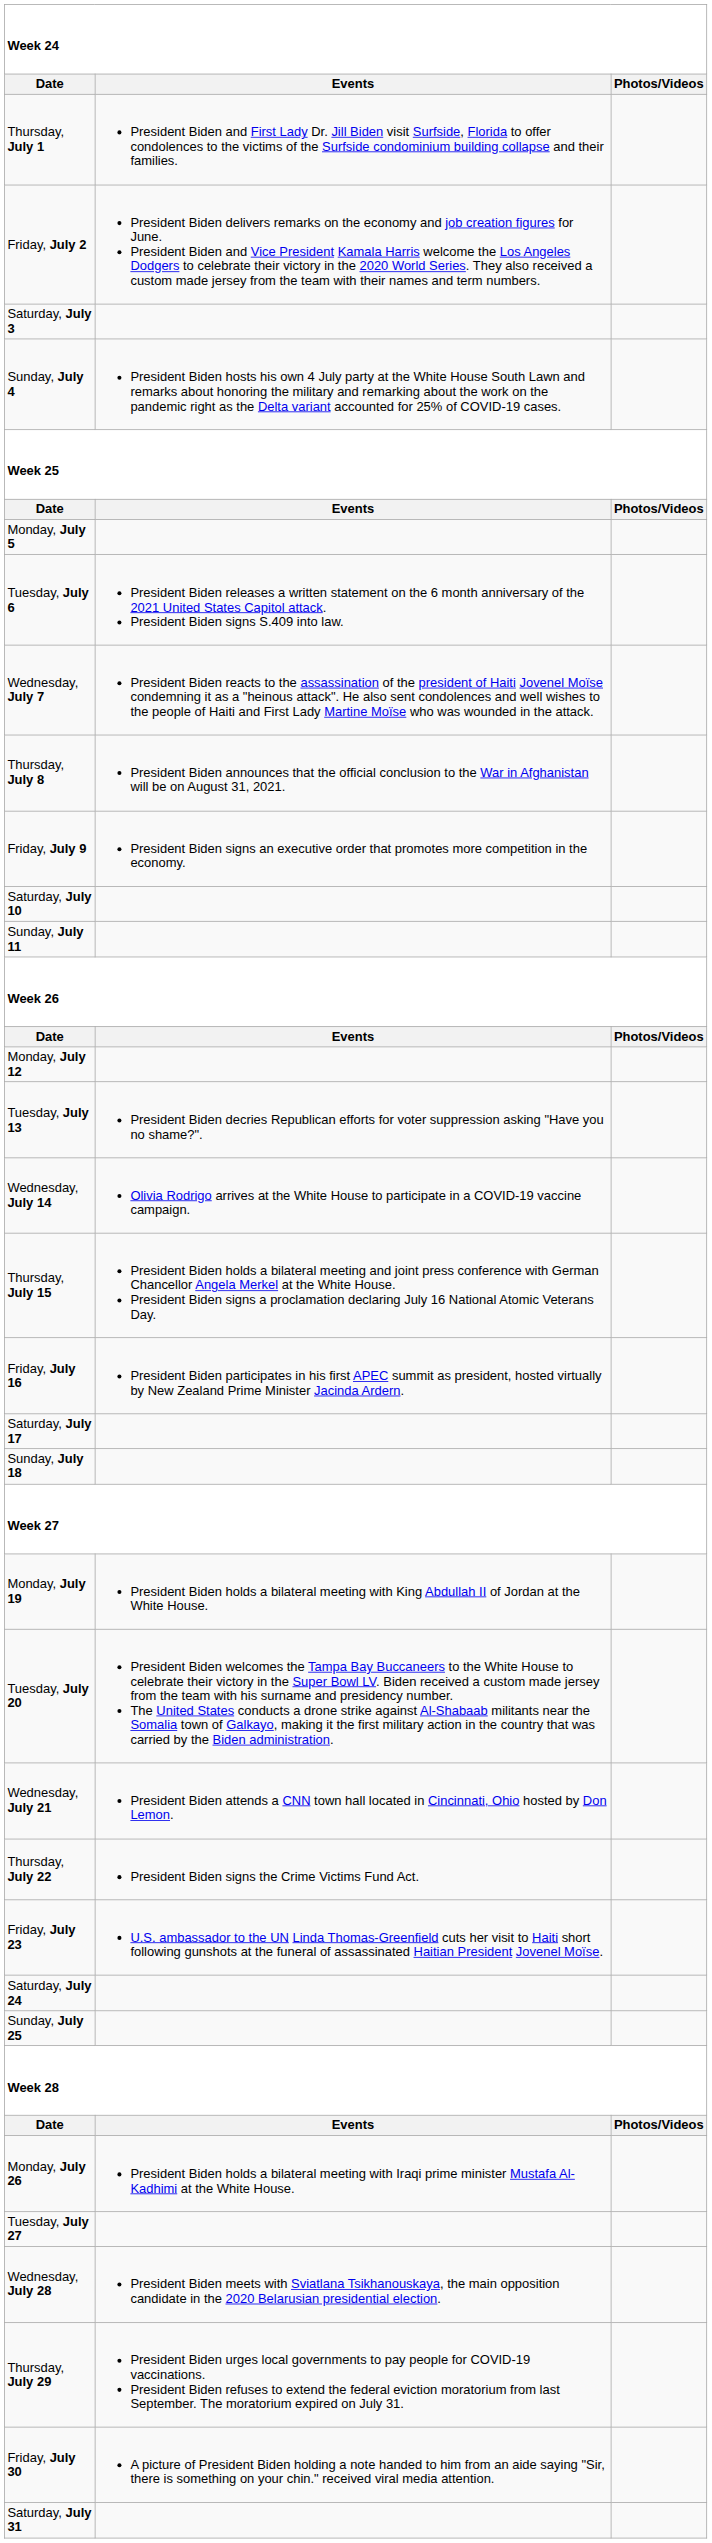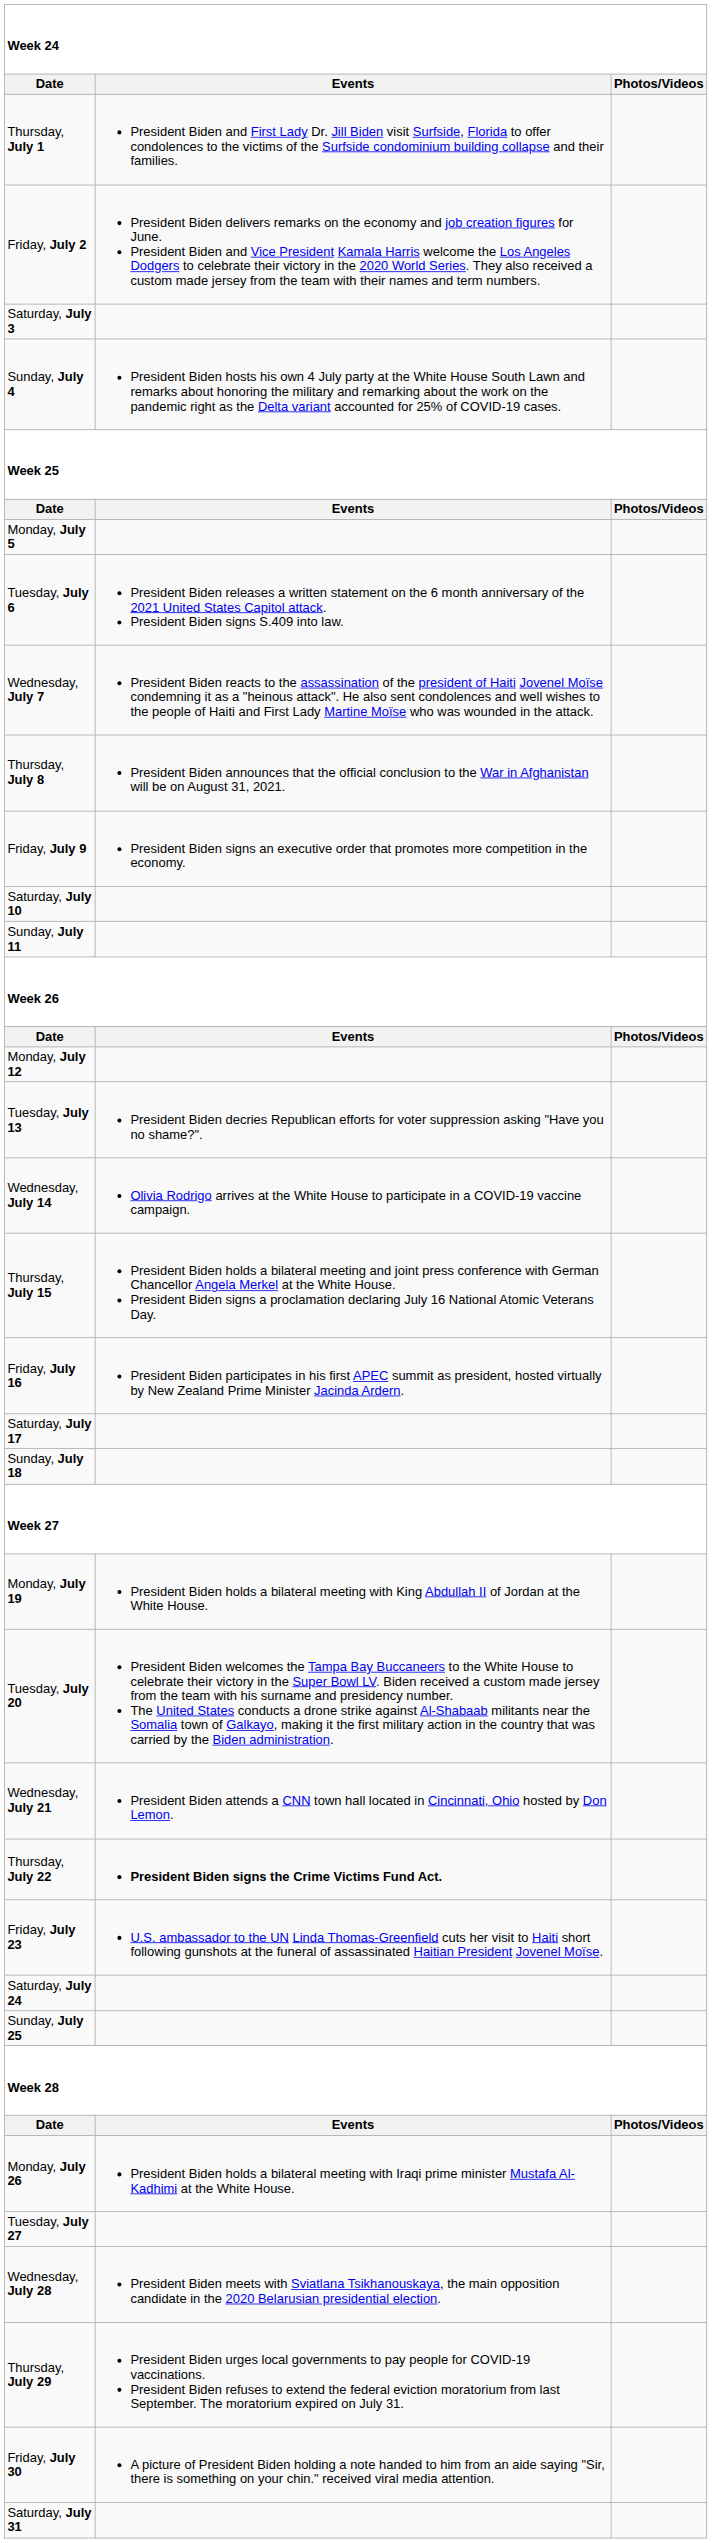 <table class="wikitable">
 <tr style="background:white;">
 <td colspan="3"><br><h4>Week 24</h4></td>
 </tr>
 <tr>
 <th>Date</th>
 <th>Events</th>
 <th>Photos/Videos</th>
 </tr>
 <tr>
 <td>Thursday, <strong>July 1</strong></td>
 <td><br><ul><li>President Biden and <a href='#'>First Lady</a> Dr. <a href='#'>Jill Biden</a> visit <a href='#'>Surfside</a>, <a href='#'>Florida</a> to offer condolences to the victims of the <a href='#'>Surfside condominium building collapse</a> and their families.</li></ul></td>
 <td></td>
 </tr>
 <tr>
 <td>Friday, <strong>July 2</strong></td>
 <td><br><ul><li>President Biden delivers remarks on the economy and <a href='#'>job creation figures</a> for June.</li><li>President Biden and <a href='#'>Vice President</a> <a href='#'>Kamala Harris</a> welcome the <a href='#'>Los Angeles Dodgers</a> to celebrate their victory in the <a href='#'>2020 World Series</a>. They also received a custom made jersey from the team with their names and term numbers.</li></ul></td>
 <td><br> </td>
 </tr>
 <tr>
 <td>Saturday, <strong>July 3</strong></td>
 <td></td>
 <td></td>
 </tr>
 <tr>
 <td>Sunday, <strong>July 4</strong></td>
 <td><br><ul><li>President Biden hosts his own 4 July party at the White House South Lawn and remarks about honoring the military and remarking about the work on the pandemic right as the <a href='#'>Delta variant</a> accounted for 25% of COVID-19 cases.</li></ul></td>
 <td><br></td>
 </tr>
 <tr style="background:white;">
 <td colspan="3"><br><h4>Week 25</h4></td>
 </tr>
 <tr>
 <th>Date</th>
 <th>Events</th>
 <th>Photos/Videos</th>
 </tr>
 <tr>
 <td>Monday, <strong>July 5</strong></td>
 <td></td>
 <td></td>
 </tr>
 <tr>
 <td>Tuesday, <strong>July 6</strong></td>
 <td><br><ul><li>President Biden releases a written statement on the 6 month anniversary of the <a href='#'>2021 United States Capitol attack</a>.</li><li>President Biden signs S.409 into law.</li></ul></td>
 <td></td>
 </tr>
 <tr>
 <td>Wednesday, <strong>July 7</strong></td>
 <td><br><ul><li>President Biden reacts to the <a href='#'>assassination</a> of the <a href='#'>president of Haiti</a> <a href='#'>Jovenel Moïse</a> condemning it as a "heinous attack". He also sent condolences and well wishes to the people of Haiti and First Lady <a href='#'>Martine Moïse</a> who was wounded in the attack.</li></ul></td>
 <td></td>
 </tr>
 <tr>
 <td>Thursday, <strong>July 8</strong></td>
 <td><br><ul><li>President Biden announces that the official conclusion to the <a href='#'>War in Afghanistan</a> will be on August 31, 2021.</li></ul></td>
 <td><br></td>
 </tr>
 <tr>
 <td>Friday, <strong>July 9</strong></td>
 <td><br><ul><li>President Biden signs an executive order that promotes more competition in the economy.</li></ul></td>
 <td></td>
 </tr>
 <tr>
 <td>Saturday, <strong>July 10</strong></td>
 <td></td>
 <td></td>
 </tr>
 <tr>
 <td>Sunday, <strong>July 11</strong></td>
 <td></td>
 <td></td>
 </tr>
 <tr style="background:white;">
 <td colspan=3><br><h4>Week 26</h4></td>
 </tr>
 <tr>
 <th>Date</th>
 <th>Events</th>
 <th>Photos/Videos</th>
 </tr>
 <tr>
 <td>Monday, <strong>July 12</strong></td>
 <td></td>
 <td></td>
 </tr>
 <tr>
 <td>Tuesday, <strong>July 13</strong></td>
 <td><br><ul><li>President Biden decries Republican efforts for voter suppression asking "Have you no shame?".</li></ul></td>
 <td></td>
 </tr>
 <tr>
 <td>Wednesday, <strong>July 14</strong></td>
 <td><br><ul><li><a href='#'>Olivia Rodrigo</a> arrives at the White House to participate in a COVID-19 vaccine campaign.</li></ul></td>
 <td></td>
 </tr>
 <tr>
 <td>Thursday, <strong>July 15</strong></td>
 <td><br><ul><li>President Biden holds a bilateral meeting and joint press conference with German Chancellor <a href='#'>Angela Merkel</a> at the White House.</li><li>President Biden signs a proclamation declaring July 16 National Atomic Veterans Day.</li></ul></td>
 <td><br></td>
 </tr>
 <tr>
 <td>Friday, <strong>July 16</strong></td>
 <td><br><ul><li>President Biden participates in his first <a href='#'>APEC</a> summit as president, hosted virtually by New Zealand Prime Minister <a href='#'>Jacinda Ardern</a>.</li></ul></td>
 <td></td>
 </tr>
 <tr>
 <td>Saturday, <strong>July 17</strong></td>
 <td></td>
 <td></td>
 </tr>
 <tr>
 <td>Sunday, <strong>July 18</strong></td>
 <td></td>
 <td></td>
 </tr>
 <tr style="background:white;">
 <td colspan="3"><br><h4>Week 27</h4></td>
 </tr>
 <tr>
 <td>Monday, <strong>July 19</strong></td>
 <td><br><ul><li>President Biden holds a bilateral meeting with King <a href='#'>Abdullah II</a> of Jordan at the White House.</li></ul></td>
 <td></td>
 </tr>
 <tr>
 <td>Tuesday, <strong>July 20</strong></td>
 <td><br><ul><li>President Biden welcomes the <a href='#'>Tampa Bay Buccaneers</a> to the White House to celebrate their victory in the <a href='#'>Super Bowl LV</a>. Biden received a custom made jersey from the team with his surname and presidency number.</li><li>The <a href='#'>United States</a> conducts a drone strike against <a href='#'>Al-Shabaab</a> militants near the <a href='#'>Somalia</a> town of <a href='#'>Galkayo</a>, making it the first military action in the country that was carried by the <a href='#'>Biden administration</a>.</li></ul></td>
 <td></td>
 </tr>
 <tr>
 <td>Wednesday, <strong>July 21</strong></td>
 <td><br><ul><li>President Biden attends a <a href='#'>CNN</a> town hall located in <a href='#'>Cincinnati, Ohio</a> hosted by <a href='#'>Don Lemon</a>.</li></ul></td>
 <td></td>
 </tr>
 <tr>
 <td>Thursday, <strong>July 22</strong></td>
-<td><br><ul><li>President Biden signs the Crime Victims Fund Act.</li></ul></td>
+<td><strong><br><ul><li>President Biden signs the Crime Victims Fund Act.</li></ul></strong></td>
 <td></td>
 </tr>
 <tr>
 <td>Friday, <strong>July 23</strong></td>
 <td><br><ul><li><a href='#'>U.S. ambassador to the UN</a> <a href='#'>Linda Thomas-Greenfield</a> cuts her visit to <a href='#'>Haiti</a> short following gunshots at the funeral of assassinated <a href='#'>Haitian President</a> <a href='#'>Jovenel Moïse</a>.</li></ul></td>
 <td></td>
 </tr>
 <tr>
 <td>Saturday, <strong>July 24</strong></td>
 <td></td>
 <td></td>
 </tr>
 <tr>
 <td>Sunday, <strong>July 25</strong></td>
 <td></td>
 <td></td>
 </tr>
 <tr style="background:white;">
 <td colspan=3><br><h4>Week 28</h4></td>
 </tr>
 <tr>
 <th>Date</th>
 <th>Events</th>
 <th>Photos/Videos</th>
 </tr>
 <tr>
 <td>Monday, <strong>July 26</strong></td>
 <td><br><ul><li>President Biden holds a bilateral meeting with Iraqi prime minister <a href='#'>Mustafa Al-Kadhimi</a> at the White House.</li></ul></td>
 <td></td>
 </tr>
 <tr>
 <td>Tuesday, <strong>July 27</strong></td>
 <td></td>
 <td></td>
 </tr>
 <tr>
 <td>Wednesday, <strong>July 28</strong></td>
 <td><br><ul><li>President Biden meets with <a href='#'>Sviatlana Tsikhanouskaya</a>, the main opposition candidate in the <a href='#'>2020 Belarusian presidential election</a>.</li></ul></td>
 <td></td>
 </tr>
 <tr>
 <td>Thursday, <strong>July 29</strong></td>
 <td><br><ul><li>President Biden urges local governments to pay people for COVID-19 vaccinations.</li><li>President Biden refuses to extend the federal eviction moratorium from last September. The moratorium expired on July 31.</li></ul></td>
 <td></td>
 </tr>
 <tr>
 <td>Friday, <strong>July 30</strong></td>
 <td><br><ul><li>A picture of President Biden holding a note handed to him from an aide saying "Sir, there is something on your chin." received viral media attention.</li></ul></td>
 <td></td>
 </tr>
 <tr>
 <td>Saturday, <strong>July 31</strong></td>
 <td></td>
 <td></td>
 </tr>
 </table>
